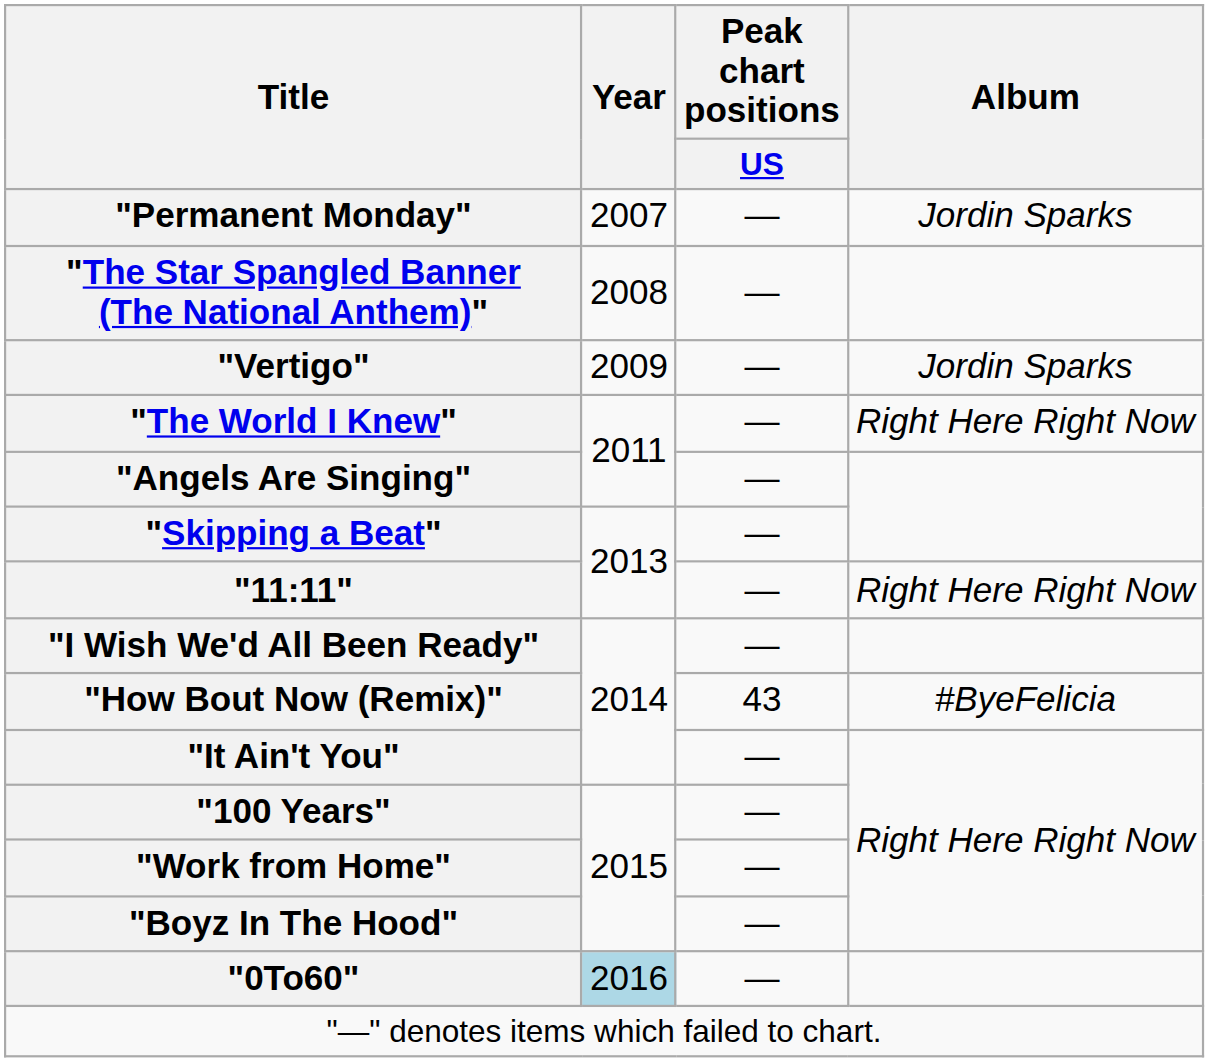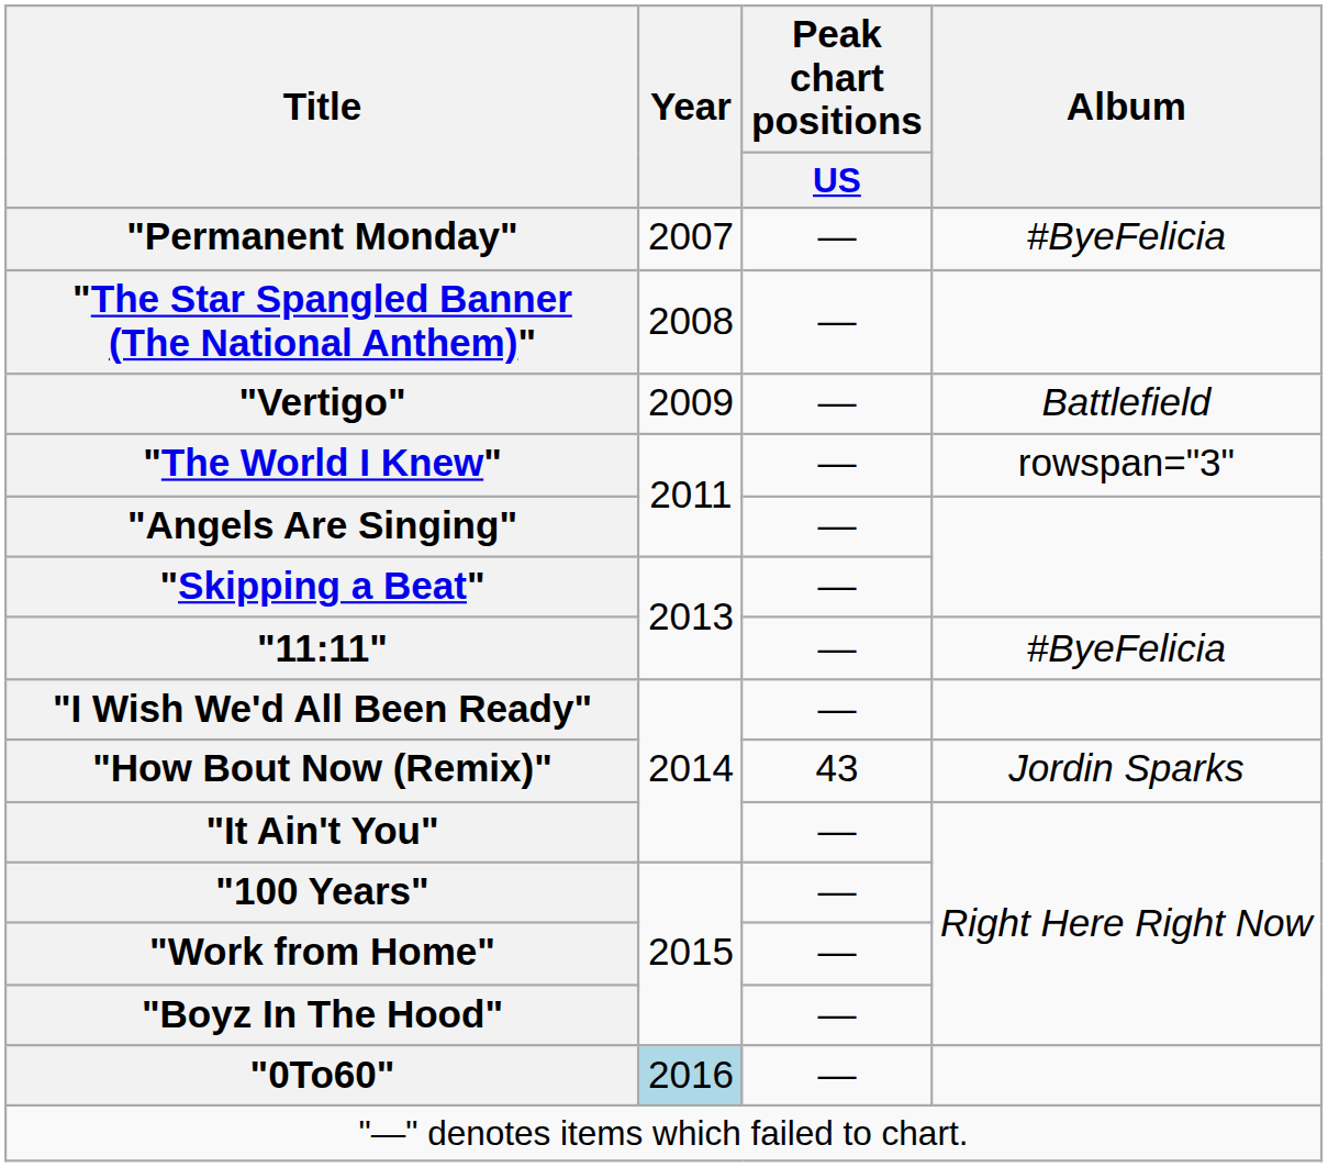 <table class="wikitable plainrowheaders" style="text-align:center;">
 <tr>
 <th scope="col" rowspan="2" style="width:16em;">Title</th>
 <th scope="col" rowspan="2">Year</th>
 <th scope="col">Peak chart positions</th>
 <th scope="col" rowspan="2">Album</th>
 </tr>
 <tr>
 <th scope="col" style="width:3em;font-size:90%;"><a href='#'>US </a><br></th>
 </tr>
 <tr>
 <th scope="row">"Permanent Monday"</th>
 <td>2007</td>
 <td>—</td>
-<td><em>Jordin Sparks</em></td>
+<td><em>#ByeFelicia</em></td>
 </tr>
 <tr>
 <th scope="row">"<a href='#'>The Star Spangled Banner<br>(The National Anthem)</a>"</th>
 <td>2008</td>
 <td>—</td>
 <td></td>
 </tr>
 <tr>
 <th scope="row">"Vertigo"</th>
 <td>2009</td>
 <td>—</td>
-<td><em>Jordin Sparks</em></td>
+<td><em>Battlefield</em></td>
 </tr>
 <tr>
 <th scope="row">"<a href='#'>The World I Knew</a>"</th>
 <td rowspan="2">2011</td>
 <td>—</td>
-<td><em>Right Here Right Now</em></td>
+<td>rowspan="3" </td>
 </tr>
 <tr>
 <th scope="row">"Angels Are Singing"</th>
 <td>—</td>
 </tr>
 <tr>
 <th scope="row">"<a href='#'>Skipping a Beat</a>"</th>
 <td rowspan="2">2013</td>
 <td>—</td>
 </tr>
 <tr>
 <th scope="row">"11:11"</th>
 <td>—</td>
-<td><em>Right Here Right Now</em></td>
+<td><em>#ByeFelicia</em></td>
 </tr>
 <tr>
 <th scope="row">"I Wish We'd All Been Ready"</th>
 <td rowspan="3">2014</td>
 <td>—</td>
 <td></td>
 </tr>
 <tr>
 <th scope="row">"How Bout Now (Remix)"</th>
 <td>43</td>
-<td><em>#ByeFelicia</em></td>
+<td><em>Jordin Sparks</em></td>
 </tr>
 <tr>
 <th scope="row">"It Ain't You"</th>
 <td>—</td>
 <td rowspan="4"><em>Right Here Right Now</em></td>
 </tr>
 <tr>
 <th scope="row">"100 Years"</th>
 <td rowspan="3">2015</td>
 <td>—</td>
 </tr>
 <tr>
 <th scope="row">"Work from Home"<br></th>
 <td>—</td>
 </tr>
 <tr>
 <th scope="row">"Boyz In The Hood"</th>
 <td>—</td>
 </tr>
 <tr>
 <th scope="row">"0To60"<br></th>
 <td style="background: lightblue;">2016</td>
 <td>—</td>
 <td></td>
 </tr>
 <tr>
 <td colspan="4" style="font-size:90%">"—" denotes items which failed to chart.</td>
 </tr>
 </table>
